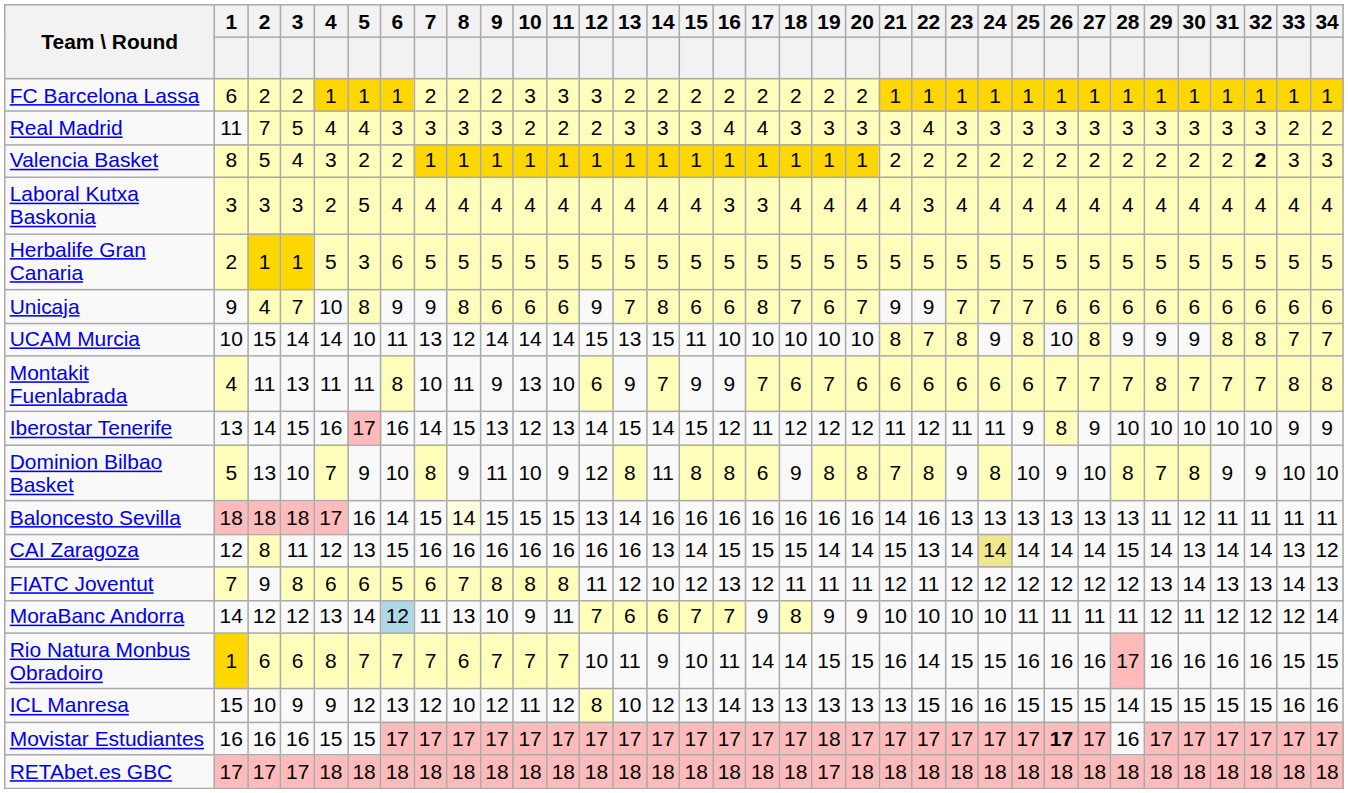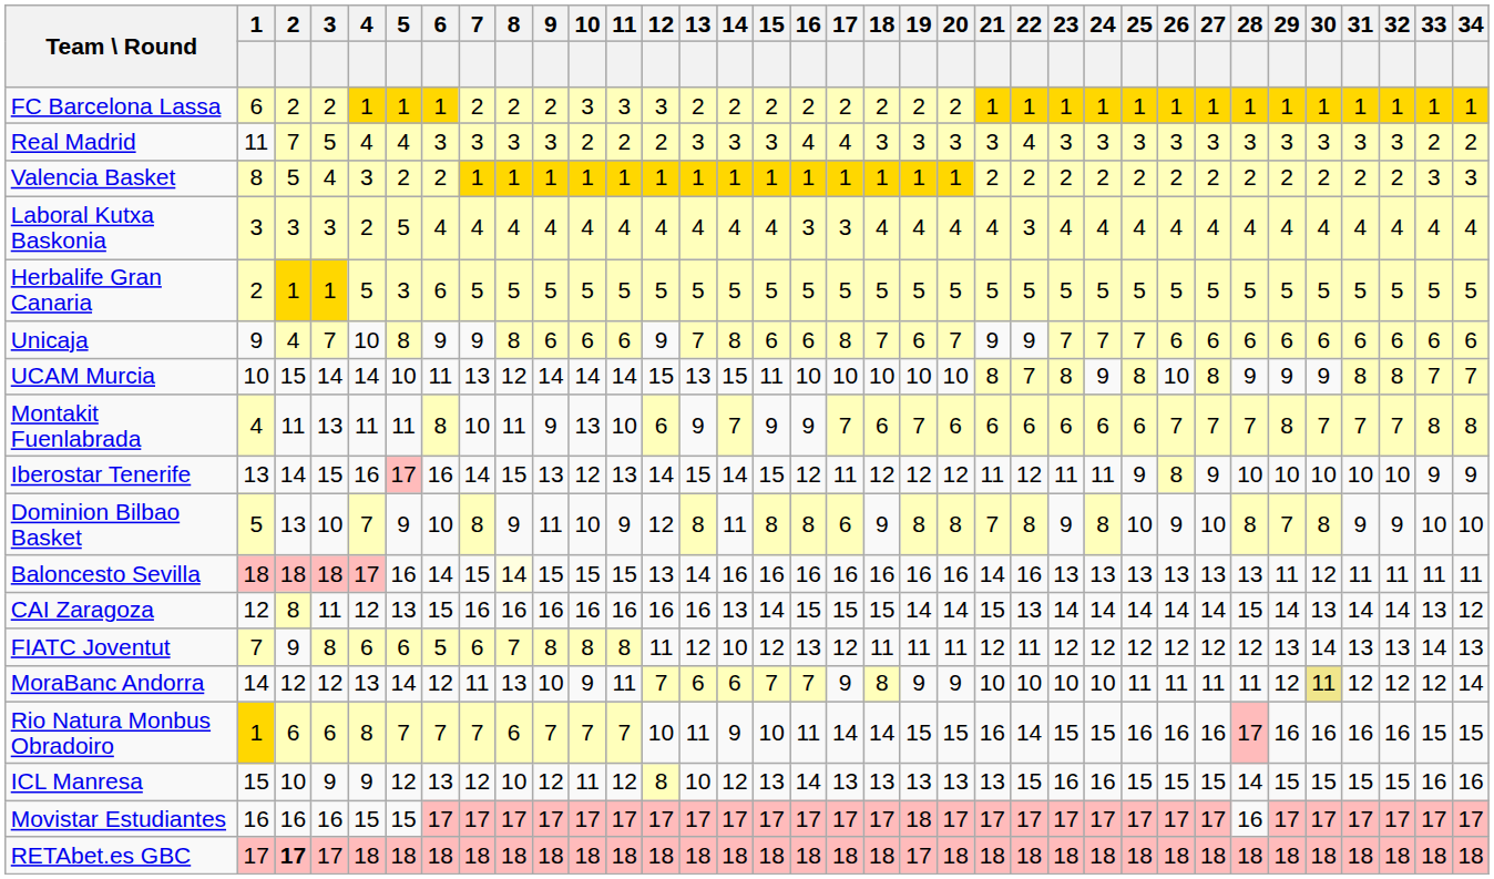 <table class="wikitable sortable" style="font-size: 85%; text-align:center;">
 <tr>
 <th rowspan="2" style="width:140px;">Team \ Round</th>
 <th align=center>1</th>
 <th align=center>2</th>
 <th align=center>3</th>
 <th align=center>4</th>
 <th align=center>5</th>
 <th align=center>6</th>
 <th align=center>7</th>
 <th align=center>8</th>
 <th align=center>9</th>
 <th align=center>10</th>
 <th align=center>11</th>
 <th align=center>12</th>
 <th align=center>13</th>
 <th align=center>14</th>
 <th align=center>15</th>
 <th align=center>16</th>
 <th align=center>17</th>
 <th align=center>18</th>
 <th align=center>19</th>
 <th align=center>20</th>
 <th align=center>21</th>
 <th align=center>22</th>
 <th align=center>23</th>
 <th align=center>24</th>
 <th align=center>25</th>
 <th align=center>26</th>
 <th align=center>27</th>
 <th align=center>28</th>
 <th align=center>29</th>
 <th align=center>30</th>
 <th align=center>31</th>
 <th align=center>32</th>
 <th align=center>33</th>
 <th align=center>34</th>
 </tr>
 <tr>
 <th style="text-align:center; height:20px;"></th>
 <th align=center></th>
 <th align=center></th>
 <th align=center></th>
 <th align=center></th>
 <th align=center></th>
 <th align=center></th>
 <th align=center></th>
 <th align=center></th>
 <th align=center></th>
 <th align=center></th>
 <th align=center></th>
 <th align=center></th>
 <th align=center></th>
 <th align=center></th>
 <th align=center></th>
 <th align=center></th>
 <th align=center></th>
 <th align=center></th>
 <th align=center></th>
 <th align=center></th>
 <th align=center></th>
 <th align=center></th>
 <th align=center></th>
 <th align=center></th>
 <th align=center></th>
 <th align=center></th>
 <th align=center></th>
 <th align=center></th>
 <th align=center></th>
 <th align=center></th>
 <th align=center></th>
 <th align=center></th>
 <th align=center></th>
 </tr>
 <tr>
 <td align=left><a href='#'>FC Barcelona Lassa</a></td>
 <td style="background:#FFFFBB">6</td>
 <td style="background:#FFFFBB">2</td>
 <td style="background:#FFFFBB">2</td>
 <td style="background:gold">1</td>
 <td style="background:gold">1</td>
 <td style="background:gold">1</td>
 <td style="background:#FFFFBB">2</td>
 <td style="background:#FFFFBB">2</td>
 <td style="background:#FFFFBB">2</td>
 <td style="background:#FFFFBB">3</td>
 <td style="background:#FFFFBB">3</td>
 <td style="background:#FFFFBB">3</td>
 <td style="background:#FFFFBB">2</td>
 <td style="background:#FFFFBB">2</td>
 <td style="background:#FFFFBB">2</td>
 <td style="background:#FFFFBB">2</td>
 <td style="background:#FFFFBB">2</td>
 <td style="background:#FFFFBB">2</td>
 <td style="background:#FFFFBB">2</td>
 <td style="background:#FFFFBB">2</td>
 <td style="background:gold">1</td>
 <td style="background:gold">1</td>
 <td style="background:gold">1</td>
 <td style="background:gold">1</td>
 <td style="background:gold">1</td>
 <td style="background:gold">1</td>
 <td style="background:gold">1</td>
 <td style="background:gold">1</td>
 <td style="background:gold">1</td>
 <td style="background:gold">1</td>
 <td style="background:gold">1</td>
 <td style="background:gold">1</td>
 <td style="background:gold">1</td>
 <td style="background:gold">1</td>
 </tr>
 <tr>
 <td align=left><a href='#'>Real Madrid</a></td>
 <td>11</td>
 <td style="background:#FFFFBB">7</td>
 <td style="background:#FFFFBB">5</td>
 <td style="background:#FFFFBB">4</td>
 <td style="background:#FFFFBB">4</td>
 <td style="background:#FFFFBB">3</td>
 <td style="background:#FFFFBB">3</td>
 <td style="background:#FFFFBB">3</td>
 <td style="background:#FFFFBB">3</td>
 <td style="background:#FFFFBB">2</td>
 <td style="background:#FFFFBB">2</td>
 <td style="background:#FFFFBB">2</td>
 <td style="background:#FFFFBB">3</td>
 <td style="background:#FFFFBB">3</td>
 <td style="background:#FFFFBB">3</td>
 <td style="background:#FFFFBB">4</td>
 <td style="background:#FFFFBB">4</td>
 <td style="background:#FFFFBB">3</td>
 <td style="background:#FFFFBB">3</td>
 <td style="background:#FFFFBB">3</td>
 <td style="background:#FFFFBB">3</td>
 <td style="background:#FFFFBB">4</td>
 <td style="background:#FFFFBB">3</td>
 <td style="background:#FFFFBB">3</td>
 <td style="background:#FFFFBB">3</td>
 <td style="background:#FFFFBB">3</td>
 <td style="background:#FFFFBB">3</td>
 <td style="background:#FFFFBB">3</td>
 <td style="background:#FFFFBB">3</td>
 <td style="background:#FFFFBB">3</td>
 <td style="background:#FFFFBB">3</td>
 <td style="background:#FFFFBB">3</td>
 <td style="background:#FFFFBB">2</td>
 <td style="background:#FFFFBB">2</td>
 </tr>
 <tr>
 <td align=left><a href='#'>Valencia Basket</a></td>
 <td style="background:#FFFFBB">8</td>
 <td style="background:#FFFFBB">5</td>
 <td style="background:#FFFFBB">4</td>
 <td style="background:#FFFFBB">3</td>
 <td style="background:#FFFFBB">2</td>
 <td style="background:#FFFFBB">2</td>
 <td style="background:gold">1</td>
 <td style="background:gold">1</td>
 <td style="background:gold">1</td>
 <td style="background:gold">1</td>
 <td style="background:gold">1</td>
 <td style="background:gold">1</td>
 <td style="background:gold">1</td>
 <td style="background:gold">1</td>
 <td style="background:gold">1</td>
 <td style="background:gold">1</td>
 <td style="background:gold">1</td>
 <td style="background:gold">1</td>
 <td style="background:gold">1</td>
 <td style="background:gold">1</td>
 <td style="background:#FFFFBB">2</td>
 <td style="background:#FFFFBB">2</td>
 <td style="background:#FFFFBB">2</td>
 <td style="background:#FFFFBB">2</td>
 <td style="background:#FFFFBB">2</td>
 <td style="background:#FFFFBB">2</td>
 <td style="background:#FFFFBB">2</td>
 <td style="background:#FFFFBB">2</td>
 <td style="background:#FFFFBB">2</td>
 <td style="background:#FFFFBB">2</td>
 <td style="background:#FFFFBB">2</td>
-<td style="background:#FFFFBB"><strong>2</strong></td>
+<td style="background:#FFFFBB">2</td>
 <td style="background:#FFFFBB">3</td>
 <td style="background:#FFFFBB">3</td>
 </tr>
 <tr>
 <td align=left><a href='#'>Laboral Kutxa Baskonia</a></td>
 <td style="background:#FFFFBB">3</td>
 <td style="background:#FFFFBB">3</td>
 <td style="background:#FFFFBB">3</td>
 <td style="background:#FFFFBB">2</td>
 <td style="background:#FFFFBB">5</td>
 <td style="background:#FFFFBB">4</td>
 <td style="background:#FFFFBB">4</td>
 <td style="background:#FFFFBB">4</td>
 <td style="background:#FFFFBB">4</td>
 <td style="background:#FFFFBB">4</td>
 <td style="background:#FFFFBB">4</td>
 <td style="background:#FFFFBB">4</td>
 <td style="background:#FFFFBB">4</td>
 <td style="background:#FFFFBB">4</td>
 <td style="background:#FFFFBB">4</td>
 <td style="background:#FFFFBB">3</td>
 <td style="background:#FFFFBB">3</td>
 <td style="background:#FFFFBB">4</td>
 <td style="background:#FFFFBB">4</td>
 <td style="background:#FFFFBB">4</td>
 <td style="background:#FFFFBB">4</td>
 <td style="background:#FFFFBB">3</td>
 <td style="background:#FFFFBB">4</td>
 <td style="background:#FFFFBB">4</td>
 <td style="background:#FFFFBB">4</td>
 <td style="background:#FFFFBB">4</td>
 <td style="background:#FFFFBB">4</td>
 <td style="background:#FFFFBB">4</td>
 <td style="background:#FFFFBB">4</td>
 <td style="background:#FFFFBB">4</td>
 <td style="background:#FFFFBB">4</td>
 <td style="background:#FFFFBB">4</td>
 <td style="background:#FFFFBB">4</td>
 <td style="background:#FFFFBB">4</td>
 </tr>
 <tr>
 <td align=left><a href='#'>Herbalife Gran Canaria</a></td>
 <td style="background:#FFFFBB">2</td>
 <td style="background:gold">1</td>
 <td style="background:gold">1</td>
 <td style="background:#FFFFBB">5</td>
 <td style="background:#FFFFBB">3</td>
 <td style="background:#FFFFBB">6</td>
 <td style="background:#FFFFBB">5</td>
 <td style="background:#FFFFBB">5</td>
 <td style="background:#FFFFBB">5</td>
 <td style="background:#FFFFBB">5</td>
 <td style="background:#FFFFBB">5</td>
 <td style="background:#FFFFBB">5</td>
 <td style="background:#FFFFBB">5</td>
 <td style="background:#FFFFBB">5</td>
 <td style="background:#FFFFBB">5</td>
 <td style="background:#FFFFBB">5</td>
 <td style="background:#FFFFBB">5</td>
 <td style="background:#FFFFBB">5</td>
 <td style="background:#FFFFBB">5</td>
 <td style="background:#FFFFBB">5</td>
 <td style="background:#FFFFBB">5</td>
 <td style="background:#FFFFBB">5</td>
 <td style="background:#FFFFBB">5</td>
 <td style="background:#FFFFBB">5</td>
 <td style="background:#FFFFBB">5</td>
 <td style="background:#FFFFBB">5</td>
 <td style="background:#FFFFBB">5</td>
 <td style="background:#FFFFBB">5</td>
 <td style="background:#FFFFBB">5</td>
 <td style="background:#FFFFBB">5</td>
 <td style="background:#FFFFBB">5</td>
 <td style="background:#FFFFBB">5</td>
 <td style="background:#FFFFBB">5</td>
 <td style="background:#FFFFBB">5</td>
 </tr>
 <tr>
 <td align=left><a href='#'>Unicaja</a></td>
 <td>9</td>
 <td style="background:#FFFFBB">4</td>
 <td style="background:#FFFFBB">7</td>
 <td>10</td>
 <td style="background:#FFFFBB">8</td>
 <td>9</td>
 <td>9</td>
 <td style="background:#FFFFBB">8</td>
 <td style="background:#FFFFBB">6</td>
 <td style="background:#FFFFBB">6</td>
 <td style="background:#FFFFBB">6</td>
 <td>9</td>
 <td style="background:#FFFFBB">7</td>
 <td style="background:#FFFFBB">8</td>
 <td style="background:#FFFFBB">6</td>
 <td style="background:#FFFFBB">6</td>
 <td style="background:#FFFFBB">8</td>
 <td style="background:#FFFFBB">7</td>
 <td style="background:#FFFFBB">6</td>
 <td style="background:#FFFFBB">7</td>
 <td>9</td>
 <td>9</td>
 <td style="background:#FFFFBB">7</td>
 <td style="background:#FFFFBB">7</td>
 <td style="background:#FFFFBB">7</td>
 <td style="background:#FFFFBB">6</td>
 <td style="background:#FFFFBB">6</td>
 <td style="background:#FFFFBB">6</td>
 <td style="background:#FFFFBB">6</td>
 <td style="background:#FFFFBB">6</td>
 <td style="background:#FFFFBB">6</td>
 <td style="background:#FFFFBB">6</td>
 <td style="background:#FFFFBB">6</td>
 <td style="background:#FFFFBB">6</td>
 </tr>
 <tr>
 <td align=left><a href='#'>UCAM Murcia</a></td>
 <td>10</td>
 <td>15</td>
 <td>14</td>
 <td>14</td>
 <td>10</td>
 <td>11</td>
 <td>13</td>
 <td>12</td>
 <td>14</td>
 <td>14</td>
 <td>14</td>
 <td>15</td>
 <td>13</td>
 <td>15</td>
 <td>11</td>
 <td>10</td>
 <td>10</td>
 <td>10</td>
 <td>10</td>
 <td>10</td>
 <td style="background:#FFFFBB">8</td>
 <td style="background:#FFFFBB">7</td>
 <td style="background:#FFFFBB">8</td>
 <td>9</td>
 <td style="background:#FFFFBB">8</td>
 <td>10</td>
 <td style="background:#FFFFBB">8</td>
 <td>9</td>
 <td>9</td>
 <td>9</td>
 <td style="background:#FFFFBB">8</td>
 <td style="background:#FFFFBB">8</td>
 <td style="background:#FFFFBB">7</td>
 <td style="background:#FFFFBB">7</td>
 </tr>
 <tr>
 <td align=left><a href='#'>Montakit Fuenlabrada</a></td>
 <td style="background:#FFFFBB">4</td>
 <td>11</td>
 <td>13</td>
 <td>11</td>
 <td>11</td>
 <td style="background:#FFFFBB">8</td>
 <td>10</td>
 <td>11</td>
 <td>9</td>
 <td>13</td>
 <td>10</td>
 <td style="background:#FFFFBB">6</td>
 <td>9</td>
 <td style="background:#FFFFBB">7</td>
 <td>9</td>
 <td>9</td>
 <td style="background:#FFFFBB">7</td>
 <td style="background:#FFFFBB">6</td>
 <td style="background:#FFFFBB">7</td>
 <td style="background:#FFFFBB">6</td>
 <td style="background:#FFFFBB">6</td>
 <td style="background:#FFFFBB">6</td>
 <td style="background:#FFFFBB">6</td>
 <td style="background:#FFFFBB">6</td>
 <td style="background:#FFFFBB">6</td>
 <td style="background:#FFFFBB">7</td>
 <td style="background:#FFFFBB">7</td>
 <td style="background:#FFFFBB">7</td>
 <td style="background:#FFFFBB">8</td>
 <td style="background:#FFFFBB">7</td>
 <td style="background:#FFFFBB">7</td>
 <td style="background:#FFFFBB">7</td>
 <td style="background:#FFFFBB">8</td>
 <td style="background:#FFFFBB">8</td>
 </tr>
 <tr>
 <td align=left><a href='#'>Iberostar Tenerife</a></td>
 <td>13</td>
 <td>14</td>
 <td>15</td>
 <td>16</td>
 <td style="background:#FFBBBB">17</td>
 <td>16</td>
 <td>14</td>
 <td>15</td>
 <td>13</td>
 <td>12</td>
 <td>13</td>
 <td>14</td>
 <td>15</td>
 <td>14</td>
 <td>15</td>
 <td>12</td>
 <td>11</td>
 <td>12</td>
 <td>12</td>
 <td>12</td>
 <td>11</td>
 <td>12</td>
 <td>11</td>
 <td>11</td>
 <td>9</td>
 <td style="background:#FFFFBB">8</td>
 <td>9</td>
 <td>10</td>
 <td>10</td>
 <td>10</td>
 <td>10</td>
 <td>10</td>
 <td>9</td>
 <td>9</td>
 </tr>
 <tr>
 <td align=left><a href='#'>Dominion Bilbao Basket</a></td>
 <td style="background:#FFFFBB">5</td>
 <td>13</td>
 <td>10</td>
 <td style="background:#FFFFBB">7</td>
 <td>9</td>
 <td>10</td>
 <td style="background:#FFFFBB">8</td>
 <td>9</td>
 <td>11</td>
 <td>10</td>
 <td>9</td>
 <td>12</td>
 <td style="background:#FFFFBB">8</td>
 <td>11</td>
 <td style="background:#FFFFBB">8</td>
 <td style="background:#FFFFBB">8</td>
 <td style="background:#FFFFBB">6</td>
 <td>9</td>
 <td style="background:#FFFFBB">8</td>
 <td style="background:#FFFFBB">8</td>
 <td style="background:#FFFFBB">7</td>
 <td style="background:#FFFFBB">8</td>
 <td>9</td>
 <td style="background:#FFFFBB">8</td>
 <td>10</td>
 <td>9</td>
 <td>10</td>
 <td style="background:#FFFFBB">8</td>
 <td style="background:#FFFFBB">7</td>
 <td style="background:#FFFFBB">8</td>
 <td>9</td>
 <td>9</td>
 <td>10</td>
 <td>10</td>
 </tr>
 <tr>
 <td align=left><a href='#'>Baloncesto Sevilla</a></td>
 <td style="background:#FFBBBB">18</td>
 <td style="background:#FFBBBB">18</td>
 <td style="background:#FFBBBB">18</td>
 <td style="background:#FFBBBB">17</td>
 <td>16</td>
 <td>14</td>
 <td>15</td>
 <td style="background: lightyellow;">14</td>
 <td>15</td>
 <td>15</td>
 <td>15</td>
 <td>13</td>
 <td>14</td>
 <td>16</td>
 <td>16</td>
 <td>16</td>
 <td>16</td>
 <td>16</td>
 <td>16</td>
 <td>16</td>
 <td>14</td>
 <td>16</td>
 <td>13</td>
 <td>13</td>
 <td>13</td>
 <td>13</td>
 <td>13</td>
 <td>13</td>
 <td>11</td>
 <td>12</td>
 <td>11</td>
 <td>11</td>
 <td>11</td>
 <td>11</td>
 </tr>
 <tr>
 <td align=left><a href='#'>CAI Zaragoza</a></td>
 <td>12</td>
 <td style="background:#FFFFBB">8</td>
 <td>11</td>
 <td>12</td>
 <td>13</td>
 <td>15</td>
 <td>16</td>
 <td>16</td>
 <td>16</td>
 <td>16</td>
 <td>16</td>
 <td>16</td>
 <td>16</td>
 <td>13</td>
 <td>14</td>
 <td>15</td>
 <td>15</td>
 <td>15</td>
 <td>14</td>
 <td>14</td>
 <td>15</td>
 <td>13</td>
 <td>14</td>
-<td style="background: khaki;">14</td>
+<td>14</td>
 <td>14</td>
 <td>14</td>
 <td>14</td>
 <td>15</td>
 <td>14</td>
 <td>13</td>
 <td>14</td>
 <td>14</td>
 <td>13</td>
 <td>12</td>
 </tr>
 <tr>
 <td align=left><a href='#'>FIATC Joventut</a></td>
 <td style="background:#FFFFBB">7</td>
 <td>9</td>
 <td style="background:#FFFFBB">8</td>
 <td style="background:#FFFFBB">6</td>
 <td style="background:#FFFFBB">6</td>
 <td style="background:#FFFFBB">5</td>
 <td style="background:#FFFFBB">6</td>
 <td style="background:#FFFFBB">7</td>
 <td style="background:#FFFFBB">8</td>
 <td style="background:#FFFFBB">8</td>
 <td style="background:#FFFFBB">8</td>
 <td>11</td>
 <td>12</td>
 <td>10</td>
 <td>12</td>
 <td>13</td>
 <td>12</td>
 <td>11</td>
 <td>11</td>
 <td>11</td>
 <td>12</td>
 <td>11</td>
 <td>12</td>
 <td>12</td>
 <td>12</td>
 <td>12</td>
 <td>12</td>
 <td>12</td>
 <td>13</td>
 <td>14</td>
 <td>13</td>
 <td>13</td>
 <td>14</td>
 <td>13</td>
 </tr>
 <tr>
 <td align=left><a href='#'>MoraBanc Andorra</a></td>
 <td>14</td>
 <td>12</td>
 <td>12</td>
 <td>13</td>
 <td>14</td>
-<td style="background: lightblue;">12</td>
+<td>12</td>
 <td>11</td>
 <td>13</td>
 <td>10</td>
 <td>9</td>
 <td>11</td>
 <td style="background:#FFFFBB">7</td>
 <td style="background:#FFFFBB">6</td>
 <td style="background:#FFFFBB">6</td>
 <td style="background:#FFFFBB">7</td>
 <td style="background:#FFFFBB">7</td>
 <td>9</td>
 <td style="background:#FFFFBB">8</td>
 <td>9</td>
 <td>9</td>
 <td>10</td>
 <td>10</td>
 <td>10</td>
 <td>10</td>
 <td>11</td>
 <td>11</td>
 <td>11</td>
 <td>11</td>
 <td>12</td>
-<td>11</td>
+<td style="background: khaki;">11</td>
 <td>12</td>
 <td>12</td>
 <td>12</td>
 <td>14</td>
 </tr>
 <tr>
 <td align=left><a href='#'>Rio Natura Monbus Obradoiro</a></td>
 <td style="background:gold">1</td>
 <td style="background:#FFFFBB">6</td>
 <td style="background:#FFFFBB">6</td>
 <td style="background:#FFFFBB">8</td>
 <td style="background:#FFFFBB">7</td>
 <td style="background:#FFFFBB">7</td>
 <td style="background:#FFFFBB">7</td>
 <td style="background:#FFFFBB">6</td>
 <td style="background:#FFFFBB">7</td>
 <td style="background:#FFFFBB">7</td>
 <td style="background:#FFFFBB">7</td>
 <td>10</td>
 <td>11</td>
 <td>9</td>
 <td>10</td>
 <td>11</td>
 <td>14</td>
 <td>14</td>
 <td>15</td>
 <td>15</td>
 <td>16</td>
 <td>14</td>
 <td>15</td>
 <td>15</td>
 <td>16</td>
 <td>16</td>
 <td>16</td>
 <td style="background:#FFBBBB">17</td>
 <td>16</td>
 <td>16</td>
 <td>16</td>
 <td>16</td>
 <td>15</td>
 <td>15</td>
 </tr>
 <tr>
 <td align=left><a href='#'>ICL Manresa</a></td>
 <td>15</td>
 <td>10</td>
 <td>9</td>
 <td>9</td>
 <td>12</td>
 <td>13</td>
 <td>12</td>
 <td>10</td>
 <td>12</td>
 <td>11</td>
 <td>12</td>
 <td style="background:#FFFFBB">8</td>
 <td>10</td>
 <td>12</td>
 <td>13</td>
 <td>14</td>
 <td>13</td>
 <td>13</td>
 <td>13</td>
 <td>13</td>
 <td>13</td>
 <td>15</td>
 <td>16</td>
 <td>16</td>
 <td>15</td>
 <td>15</td>
 <td>15</td>
 <td>14</td>
 <td>15</td>
 <td>15</td>
 <td>15</td>
 <td>15</td>
 <td>16</td>
 <td>16</td>
 </tr>
 <tr>
 <td align=left><a href='#'>Movistar Estudiantes</a></td>
 <td>16</td>
 <td>16</td>
 <td>16</td>
 <td>15</td>
 <td>15</td>
 <td style="background:#FFBBBB">17</td>
 <td style="background:#FFBBBB">17</td>
 <td style="background:#FFBBBB">17</td>
 <td style="background:#FFBBBB">17</td>
 <td style="background:#FFBBBB">17</td>
 <td style="background:#FFBBBB">17</td>
 <td style="background:#FFBBBB">17</td>
 <td style="background:#FFBBBB">17</td>
 <td style="background:#FFBBBB">17</td>
 <td style="background:#FFBBBB">17</td>
 <td style="background:#FFBBBB">17</td>
 <td style="background:#FFBBBB">17</td>
 <td style="background:#FFBBBB">17</td>
 <td style="background:#FFBBBB">18</td>
 <td style="background:#FFBBBB">17</td>
 <td style="background:#FFBBBB">17</td>
 <td style="background:#FFBBBB">17</td>
 <td style="background:#FFBBBB">17</td>
 <td style="background:#FFBBBB">17</td>
 <td style="background:#FFBBBB">17</td>
-<td style="background:#FFBBBB"><strong>17</strong></td>
+<td style="background:#FFBBBB">17</td>
 <td style="background:#FFBBBB">17</td>
 <td>16</td>
 <td style="background:#FFBBBB">17</td>
 <td style="background:#FFBBBB">17</td>
 <td style="background:#FFBBBB">17</td>
 <td style="background:#FFBBBB">17</td>
 <td style="background:#FFBBBB">17</td>
 <td style="background:#FFBBBB">17</td>
 </tr>
 <tr>
 <td align=left><a href='#'>RETAbet.es GBC</a></td>
 <td style="background:#FFBBBB">17</td>
-<td style="background:#FFBBBB">17</td>
+<td style="background:#FFBBBB"><strong>17</strong></td>
 <td style="background:#FFBBBB">17</td>
 <td style="background:#FFBBBB">18</td>
 <td style="background:#FFBBBB">18</td>
 <td style="background:#FFBBBB">18</td>
 <td style="background:#FFBBBB">18</td>
 <td style="background:#FFBBBB">18</td>
 <td style="background:#FFBBBB">18</td>
 <td style="background:#FFBBBB">18</td>
 <td style="background:#FFBBBB">18</td>
 <td style="background:#FFBBBB">18</td>
 <td style="background:#FFBBBB">18</td>
 <td style="background:#FFBBBB">18</td>
 <td style="background:#FFBBBB">18</td>
 <td style="background:#FFBBBB">18</td>
 <td style="background:#FFBBBB">18</td>
 <td style="background:#FFBBBB">18</td>
 <td style="background:#FFBBBB">17</td>
 <td style="background:#FFBBBB">18</td>
 <td style="background:#FFBBBB">18</td>
 <td style="background:#FFBBBB">18</td>
 <td style="background:#FFBBBB">18</td>
 <td style="background:#FFBBBB">18</td>
 <td style="background:#FFBBBB">18</td>
 <td style="background:#FFBBBB">18</td>
 <td style="background:#FFBBBB">18</td>
 <td style="background:#FFBBBB">18</td>
 <td style="background:#FFBBBB">18</td>
 <td style="background:#FFBBBB">18</td>
 <td style="background:#FFBBBB">18</td>
 <td style="background:#FFBBBB">18</td>
 <td style="background:#FFBBBB">18</td>
 <td style="background:#FFBBBB">18</td>
 </tr>
 <tr>
 </tr>
 </table>
